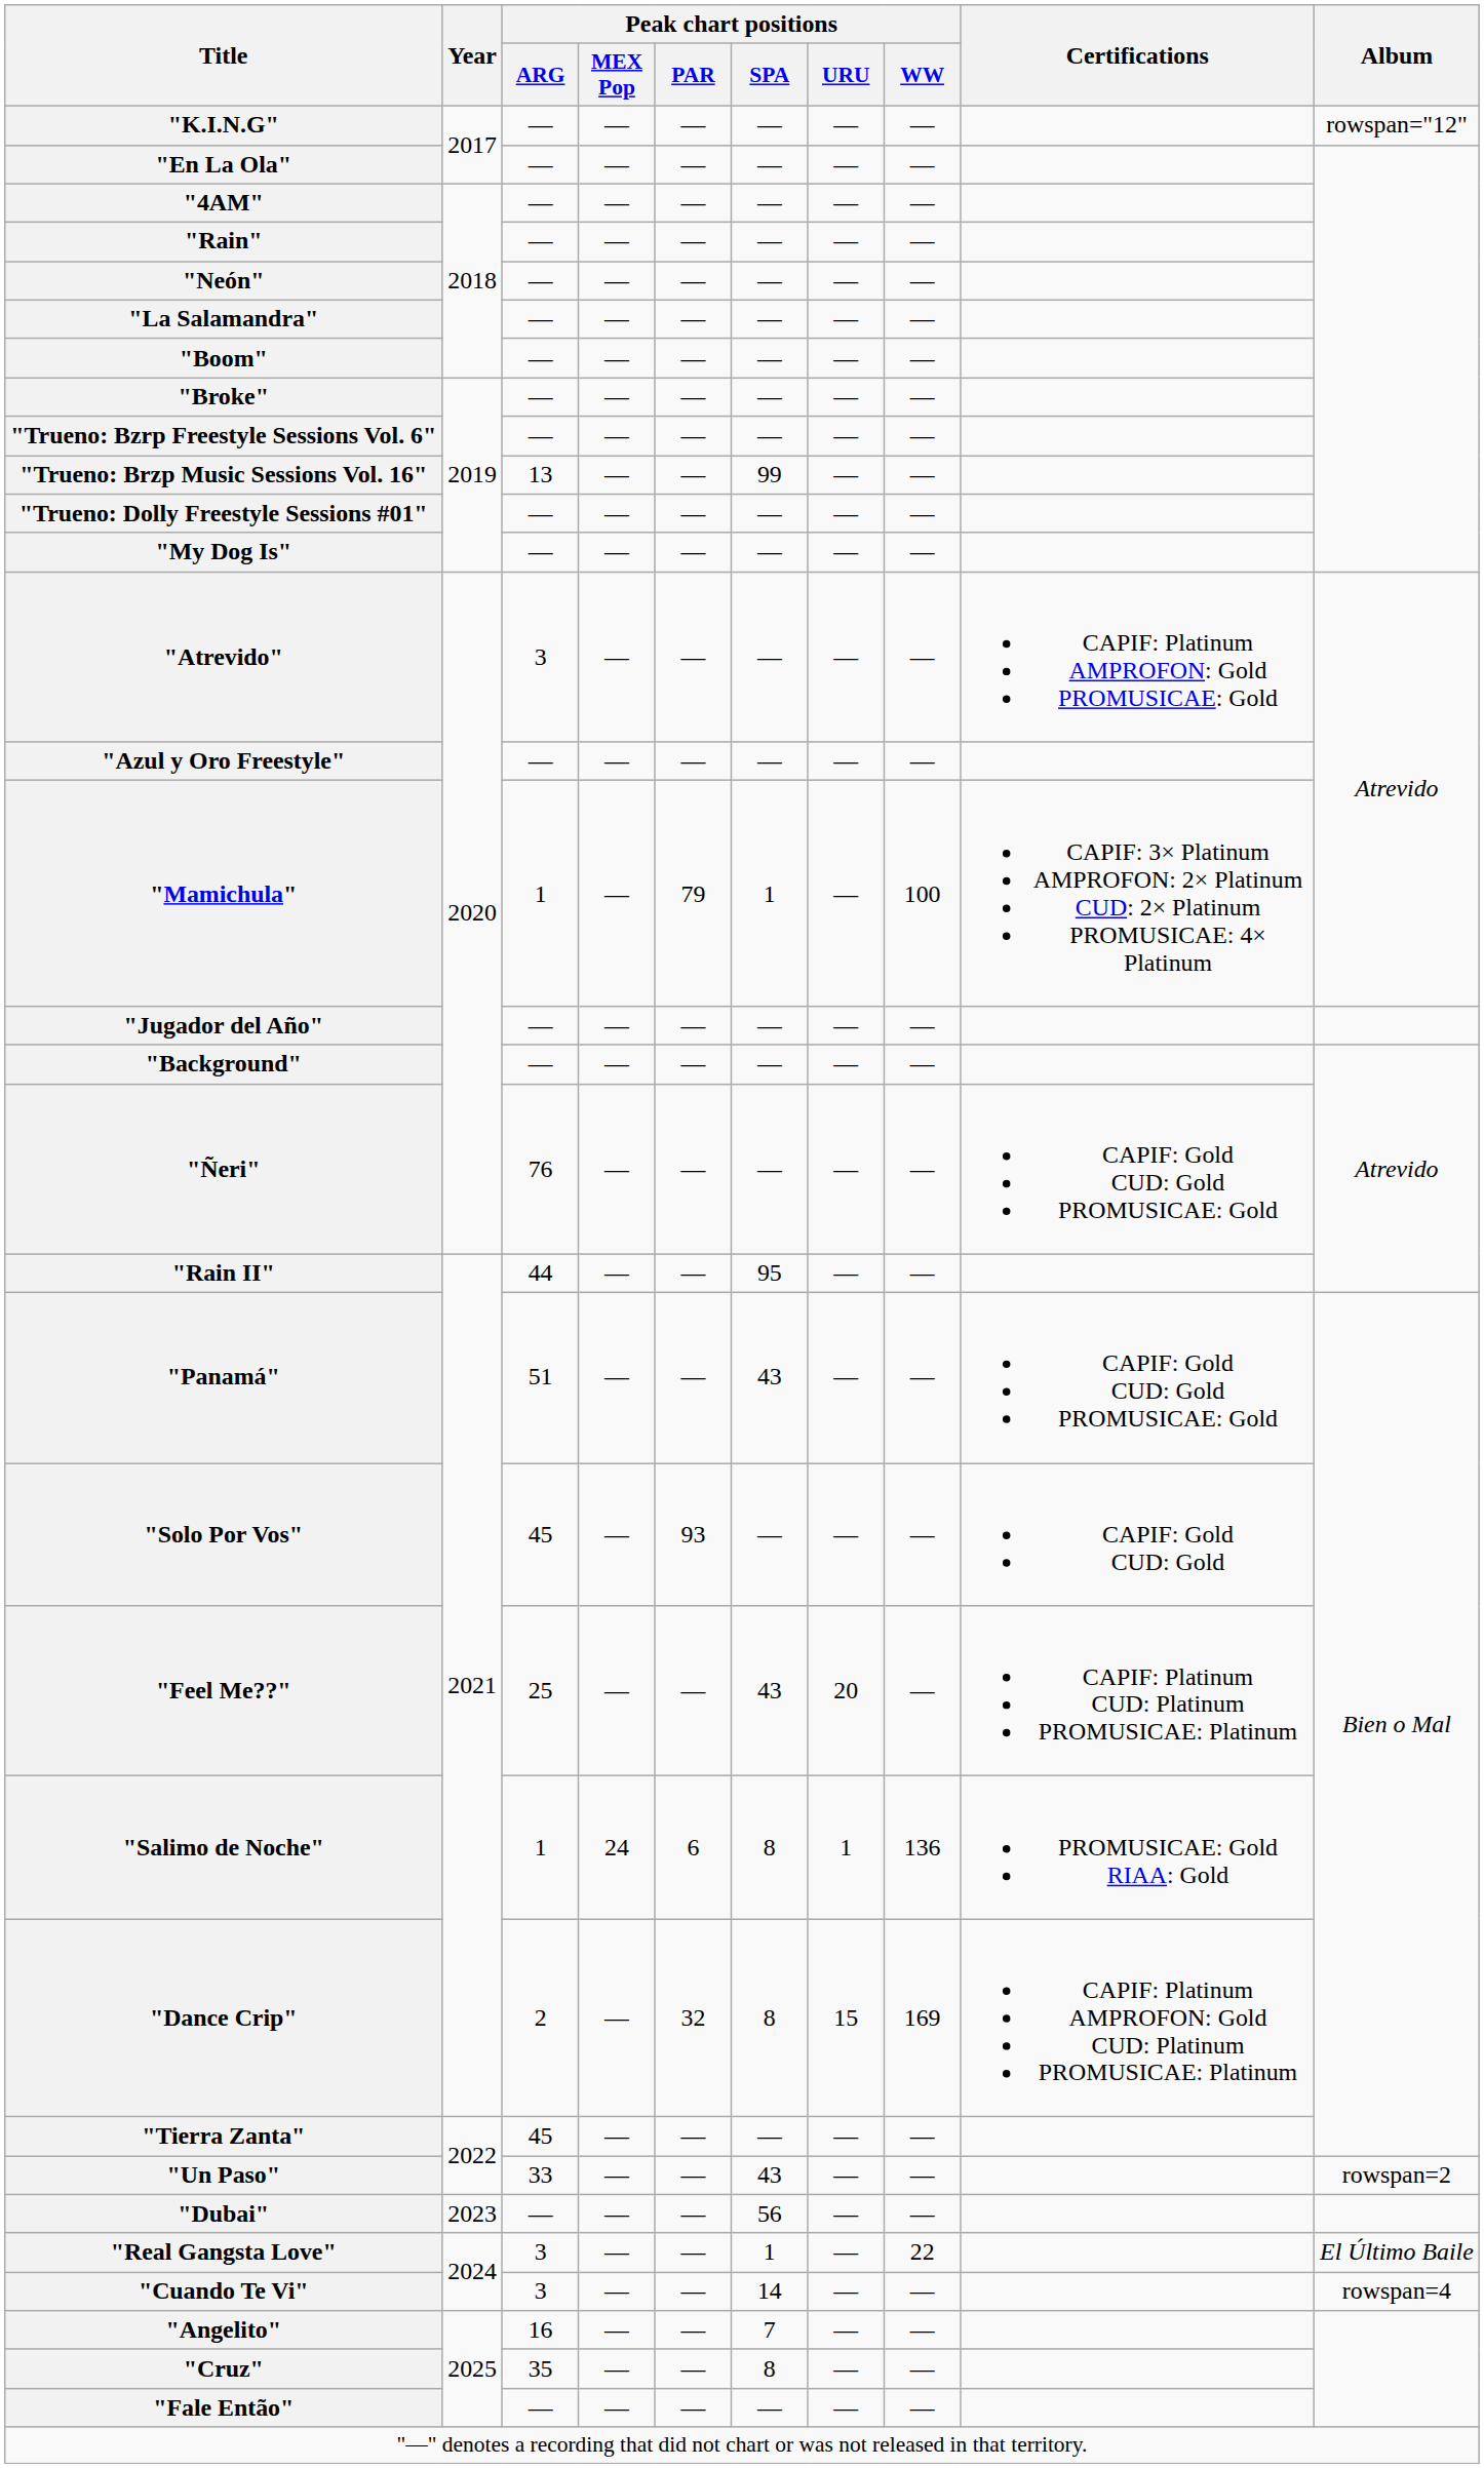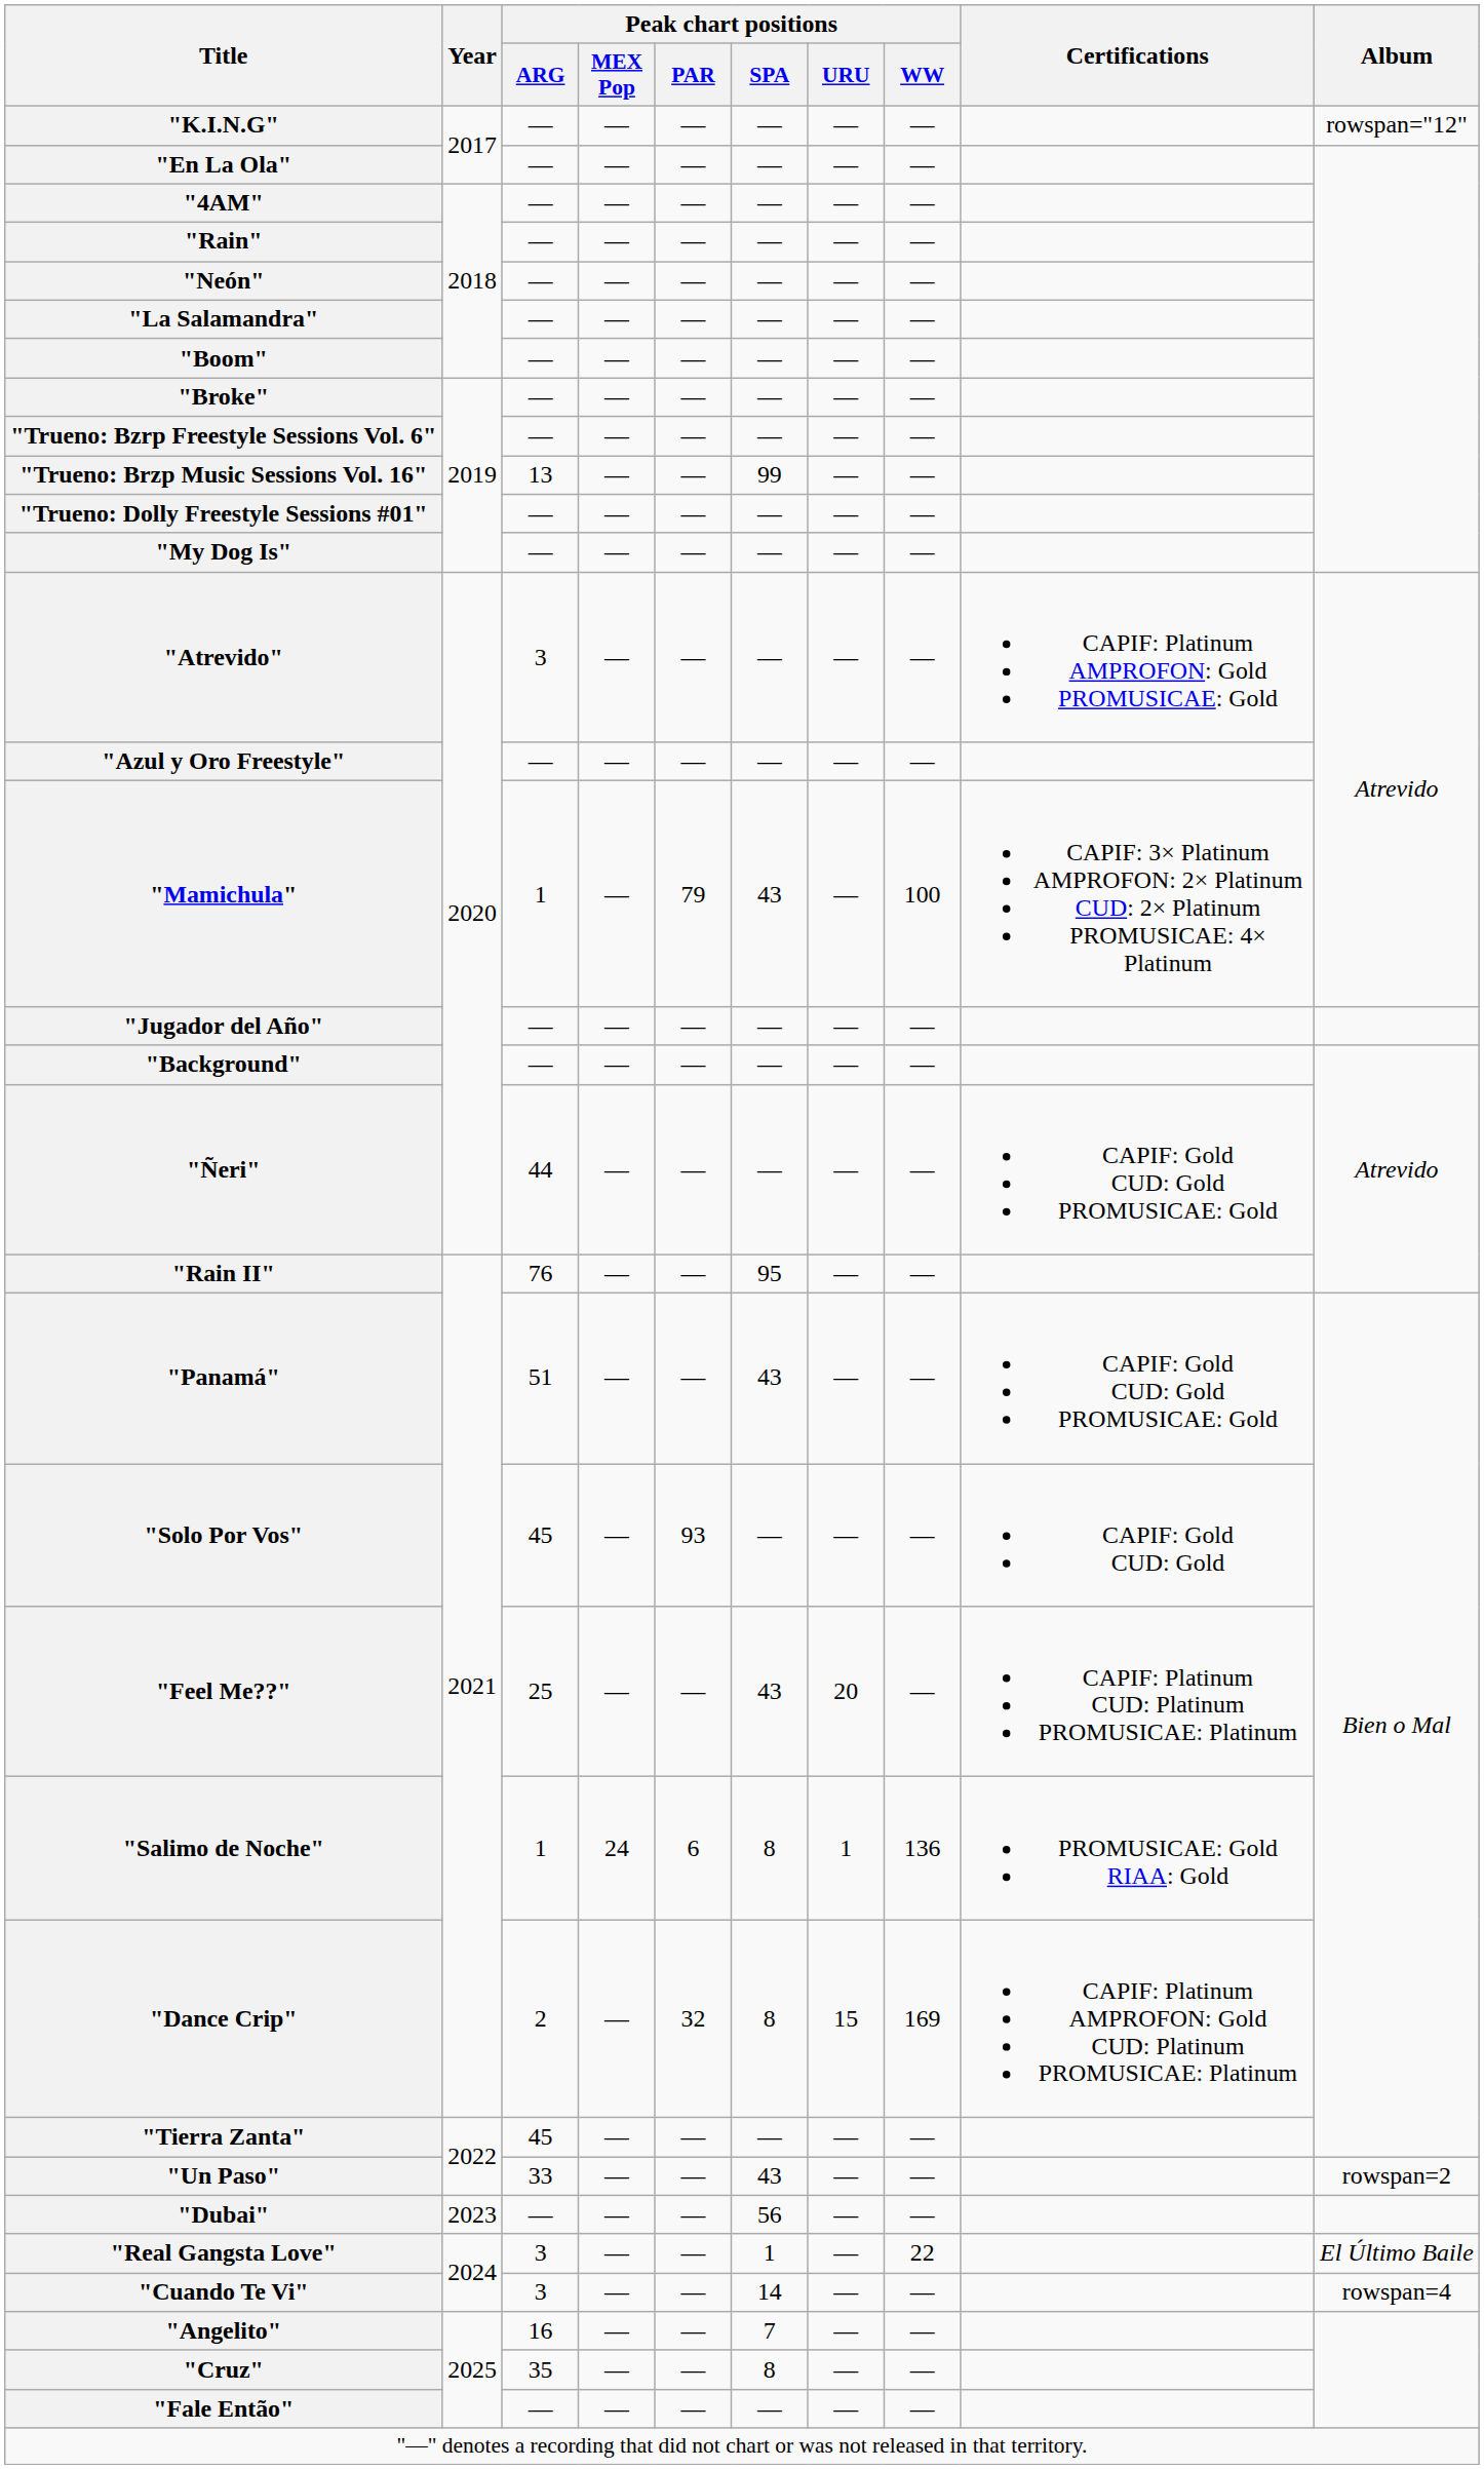 <table class="wikitable plainrowheaders" style="text-align:center;">
 <tr>
 <th scope="col" rowspan="2">Title</th>
 <th scope="col" rowspan="2">Year</th>
 <th scope="col" colspan="6">Peak chart positions</th>
 <th scope="col" rowspan="2" style="width:14em;">Certifications</th>
 <th scope="col" rowspan="2">Album</th>
 </tr>
 <tr>
 <th scope="col" style="width:3em;font-size:90%;"><a href='#'>ARG</a><br></th>
 <th scope="col" style="width:3em;font-size:90%;"><a href='#'>MEX<br>Pop</a><br></th>
 <th scope="col" style="width:3em;font-size:90%;"><a href='#'>PAR</a><br></th>
 <th scope="col" style="width:3em;font-size:90%;"><a href='#'>SPA</a><br></th>
 <th scope="col" style="width:3em;font-size:90%;"><a href='#'>URU</a><br></th>
 <th scope="col" style="width:3em;font-size:90%;"><a href='#'>WW</a><br></th>
 </tr>
 <tr>
 <th scope="row">"K.I.N.G"</th>
 <td rowspan="2">2017</td>
 <td>—</td>
 <td>—</td>
 <td>—</td>
 <td>—</td>
 <td>—</td>
 <td>—</td>
 <td></td>
 <td>rowspan="12" </td>
 </tr>
 <tr>
 <th scope="row">"En La Ola"</th>
 <td>—</td>
 <td>—</td>
 <td>—</td>
 <td>—</td>
 <td>—</td>
 <td>—</td>
 <td></td>
 </tr>
 <tr>
 <th scope="row">"4AM"</th>
 <td rowspan="5">2018</td>
 <td>—</td>
 <td>—</td>
 <td>—</td>
 <td>—</td>
 <td>—</td>
 <td>—</td>
 <td></td>
 </tr>
 <tr>
 <th scope="row">"Rain"</th>
 <td>—</td>
 <td>—</td>
 <td>—</td>
 <td>—</td>
 <td>—</td>
 <td>—</td>
 <td></td>
 </tr>
 <tr>
 <th scope="row">"Neón"</th>
 <td>—</td>
 <td>—</td>
 <td>—</td>
 <td>—</td>
 <td>—</td>
 <td>—</td>
 <td></td>
 </tr>
 <tr>
 <th scope="row">"La Salamandra"<br></th>
 <td>—</td>
 <td>—</td>
 <td>—</td>
 <td>—</td>
 <td>—</td>
 <td>—</td>
 <td></td>
 </tr>
 <tr>
 <th scope="row">"Boom"</th>
 <td>—</td>
 <td>—</td>
 <td>—</td>
 <td>—</td>
 <td>—</td>
 <td>—</td>
 <td></td>
 </tr>
 <tr>
 <th scope="row">"Broke"<br></th>
 <td rowspan="5">2019</td>
 <td>—</td>
 <td>—</td>
 <td>—</td>
 <td>—</td>
 <td>—</td>
 <td>—</td>
 <td></td>
 </tr>
 <tr>
 <th scope="row">"Trueno: Bzrp Freestyle Sessions Vol. 6"<br></th>
 <td>—</td>
 <td>—</td>
 <td>—</td>
 <td>—</td>
 <td>—</td>
 <td>—</td>
 <td></td>
 </tr>
 <tr>
 <th scope="row">"Trueno: Brzp Music Sessions Vol. 16"<br></th>
 <td>13</td>
 <td>—</td>
 <td>—</td>
 <td>99</td>
 <td>—</td>
 <td>—</td>
 <td></td>
 </tr>
 <tr>
 <th scope="row">"Trueno: Dolly Freestyle Sessions #01"</th>
 <td>—</td>
 <td>—</td>
 <td>—</td>
 <td>—</td>
 <td>—</td>
 <td>—</td>
 <td></td>
 </tr>
 <tr>
 <th scope="row">"My Dog Is"<br></th>
 <td>—</td>
 <td>—</td>
 <td>—</td>
 <td>—</td>
 <td>—</td>
 <td>—</td>
 <td></td>
 </tr>
 <tr>
 <th scope="row">"Atrevido"</th>
 <td rowspan="6">2020</td>
 <td>3</td>
 <td>—</td>
 <td>—</td>
 <td>—</td>
 <td>—</td>
 <td>—</td>
 <td><br><ul><li>CAPIF: Platinum</li><li><a href='#'>AMPROFON</a>: Gold</li><li><a href='#'>PROMUSICAE</a>: Gold</li></ul></td>
 <td rowspan="3"><em>Atrevido</em></td>
 </tr>
 <tr>
 <th scope="row">"Azul y Oro Freestyle"</th>
 <td>—</td>
 <td>—</td>
 <td>—</td>
 <td>—</td>
 <td>—</td>
 <td>—</td>
 <td></td>
 </tr>
 <tr>
 <th scope="row">"<a href='#'>Mamichula</a>"<br></th>
 <td>1</td>
 <td>—</td>
 <td>79</td>
-<td>1</td>
+<td>43</td>
 <td>—</td>
 <td>100</td>
 <td><br><ul><li>CAPIF: 3× Platinum</li><li>AMPROFON: 2× Platinum</li><li><a href='#'>CUD</a>: 2× Platinum</li><li>PROMUSICAE: 4× Platinum</li></ul></td>
 </tr>
 <tr>
 <th scope="row">"Jugador del Año"<br></th>
 <td>—</td>
 <td>—</td>
 <td>—</td>
 <td>—</td>
 <td>—</td>
 <td>—</td>
 <td></td>
 <td></td>
 </tr>
 <tr>
 <th scope="row">"Background"</th>
 <td>—</td>
 <td>—</td>
 <td>—</td>
 <td>—</td>
 <td>—</td>
 <td>—</td>
 <td></td>
 <td rowspan="3"><em>Atrevido</em></td>
 </tr>
 <tr>
 <th scope="row">"Ñeri"</th>
-<td>76</td>
+<td>44</td>
 <td>—</td>
 <td>—</td>
 <td>—</td>
 <td>—</td>
 <td>—</td>
 <td><br><ul><li>CAPIF: Gold</li><li>CUD: Gold</li><li>PROMUSICAE: Gold</li></ul></td>
 </tr>
 <tr>
 <th scope="row">"Rain II"</th>
 <td rowspan="6">2021</td>
-<td>44</td>
+<td>76</td>
 <td>—</td>
 <td>—</td>
 <td>95</td>
 <td>—</td>
 <td>—</td>
 <td></td>
 </tr>
 <tr>
 <th scope="row">"Panamá"<br></th>
 <td>51</td>
 <td>—</td>
 <td>—</td>
 <td>43</td>
 <td>—</td>
 <td>—</td>
 <td><br><ul><li>CAPIF: Gold</li><li>CUD: Gold</li><li>PROMUSICAE: Gold</li></ul></td>
 <td rowspan="6"><em>Bien o Mal</em></td>
 </tr>
 <tr>
 <th scope="row">"Solo Por Vos"</th>
 <td>45</td>
 <td>—</td>
 <td>93</td>
 <td>—</td>
 <td>—</td>
 <td>—</td>
 <td><br><ul><li>CAPIF: Gold</li><li>CUD: Gold</li></ul></td>
 </tr>
 <tr>
 <th scope="row">"Feel Me??"</th>
 <td>25</td>
 <td>—</td>
 <td>—</td>
 <td>43</td>
 <td>20</td>
 <td>—</td>
 <td><br><ul><li>CAPIF: Platinum</li><li>CUD: Platinum</li><li>PROMUSICAE: Platinum</li></ul></td>
 </tr>
 <tr>
 <th scope="row">"Salimo de Noche"<br></th>
 <td>1</td>
 <td>24</td>
 <td>6</td>
 <td>8</td>
 <td>1</td>
 <td>136</td>
 <td><br><ul><li>PROMUSICAE: Gold</li><li><a href='#'>RIAA</a>: Gold </li></ul></td>
 </tr>
 <tr>
 <th scope="row">"Dance Crip"</th>
 <td>2</td>
 <td>—</td>
 <td>32</td>
 <td>8</td>
 <td>15</td>
 <td>169</td>
 <td><br><ul><li>CAPIF: Platinum</li><li>AMPROFON: Gold</li><li>CUD: Platinum</li><li>PROMUSICAE: Platinum</li></ul></td>
 </tr>
 <tr>
 <th scope="row">"Tierra Zanta"<br></th>
 <td rowspan="2">2022</td>
 <td>45</td>
 <td>—</td>
 <td>—</td>
 <td>—</td>
 <td>—</td>
 <td>—</td>
 <td></td>
 </tr>
 <tr>
 <th scope="row">"Un Paso"<br></th>
 <td>33</td>
 <td>—</td>
 <td>—</td>
 <td>43</td>
 <td>—</td>
 <td>—</td>
 <td></td>
 <td>rowspan=2 </td>
 </tr>
 <tr>
 <th scope="row">"Dubai"<br></th>
 <td>2023</td>
 <td>—</td>
 <td>—</td>
 <td>—</td>
 <td>56</td>
 <td>—</td>
 <td>—</td>
 <td></td>
 </tr>
 <tr>
 <th scope="row">"Real Gangsta Love"</th>
 <td rowspan=2>2024</td>
 <td>3</td>
 <td>—</td>
 <td>—</td>
 <td>1</td>
 <td>—</td>
 <td>22</td>
 <td></td>
 <td><em>El Último Baile</em></td>
 </tr>
 <tr>
 <th scope="row">"Cuando Te Vi"<br></th>
 <td>3</td>
 <td>—</td>
 <td>—</td>
 <td>14</td>
 <td>—</td>
 <td>—</td>
 <td></td>
 <td>rowspan=4 </td>
 </tr>
 <tr>
 <th scope="row">"Angelito"<br></th>
 <td rowspan=3>2025</td>
 <td>16</td>
 <td>—</td>
 <td>—</td>
 <td>7</td>
 <td>—</td>
 <td>—</td>
 <td></td>
 </tr>
 <tr>
 <th scope="row">"Cruz"<br></th>
 <td>35</td>
 <td>—</td>
 <td>—</td>
 <td>8</td>
 <td>—</td>
 <td>—</td>
 <td></td>
 </tr>
 <tr>
 <th scope="row">"Fale Então"<br></th>
 <td>—</td>
 <td>—</td>
 <td>—</td>
 <td>—</td>
 <td>—</td>
 <td>—</td>
 <td></td>
 </tr>
 <tr>
 <td colspan="10" style="font-size:90%">"—" denotes a recording that did not chart or was not released in that territory.</td>
 </tr>
 </table>
